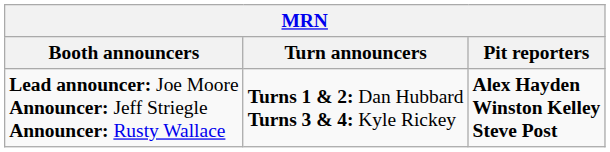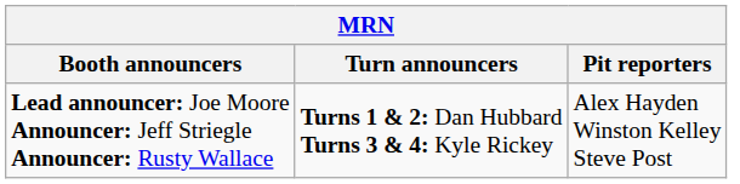 <table class="wikitable" style="font-size: 95%;">
 <tr>
 <th colspan="3"><a href='#'>MRN</a></th>
 </tr>
 <tr>
 <th>Booth announcers</th>
 <th>Turn announcers</th>
 <th>Pit reporters</th>
 </tr>
 <tr>
 <td><strong>Lead announcer:</strong> Joe Moore<br><strong>Announcer:</strong> Jeff Striegle<br><strong>Announcer:</strong> <a href='#'>Rusty Wallace</a></td>
 <td><strong>Turns 1 & 2:</strong> Dan Hubbard<br><strong>Turns 3 & 4:</strong> Kyle Rickey</td>
-<td><strong>Alex Hayden<br>Winston Kelley<br>Steve Post</strong></td>
+<td>Alex Hayden<br>Winston Kelley<br>Steve Post</td>
 </tr>
 </table>
